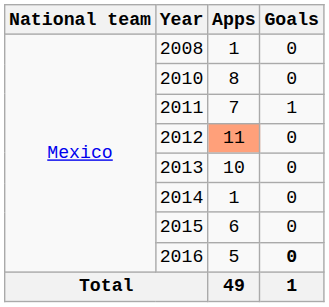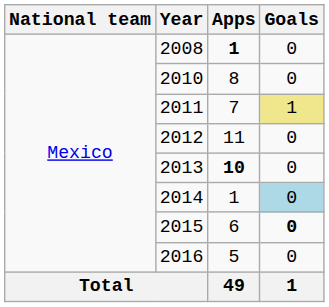 <table class="wikitable" style="text-align: center;">
 <tr>
 <th>National team</th>
 <th>Year</th>
 <th>Apps</th>
 <th>Goals</th>
 </tr>
 <tr>
 <td rowspan="8" valign="center"><a href='#'>Mexico</a></td>
 <td>2008</td>
-<td>1</td>
+<td><strong>1</strong></td>
 <td>0</td>
 </tr>
 <tr>
 <td>2010</td>
 <td>8</td>
 <td>0</td>
 </tr>
 <tr>
 <td>2011</td>
 <td>7</td>
-<td>1</td>
+<td style="background: khaki;">1</td>
 </tr>
 <tr>
 <td>2012</td>
-<td style="background: lightsalmon;">11</td>
+<td>11</td>
 <td>0</td>
 </tr>
 <tr>
 <td>2013</td>
-<td>10</td>
+<td><strong>10</strong></td>
 <td>0</td>
 </tr>
 <tr>
 <td>2014</td>
 <td>1</td>
-<td>0</td>
+<td style="background: lightblue;">0</td>
 </tr>
 <tr>
 <td>2015</td>
 <td>6</td>
-<td>0</td>
+<td><strong>0</strong></td>
 </tr>
 <tr>
 <td>2016</td>
 <td>5</td>
-<td><strong>0</strong></td>
+<td>0</td>
 </tr>
 <tr>
 <th colspan="2">Total</th>
 <th>49</th>
 <th>1</th>
 </tr>
 </table>
